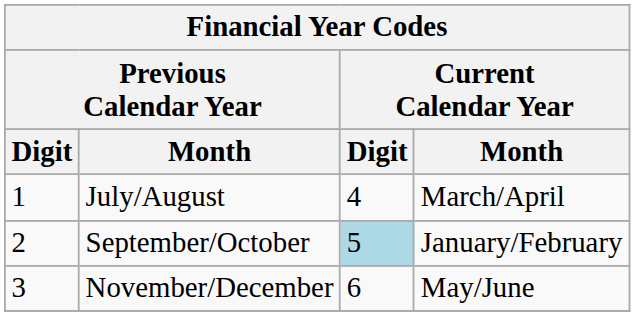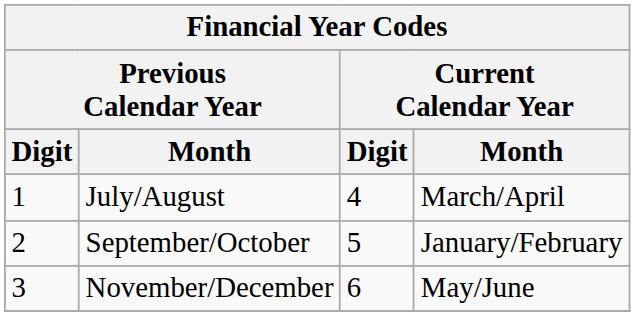 <table class="wikitable">
 <tr>
 <th colspan="4">Financial Year Codes</th>
 </tr>
 <tr>
 <th colspan="2">Previous<br>Calendar Year</th>
 <th colspan="2">Current<br>Calendar Year</th>
 </tr>
 <tr>
 <th>Digit</th>
 <th>Month</th>
 <th>Digit</th>
 <th>Month</th>
 </tr>
 <tr>
 <td>1</td>
 <td>July/August</td>
 <td>4</td>
 <td>March/April</td>
 </tr>
 <tr>
 <td>2</td>
 <td>September/October</td>
-<td style="background: lightblue;">5</td>
+<td>5</td>
 <td>January/February</td>
 </tr>
 <tr>
 <td>3</td>
 <td>November/December</td>
 <td>6</td>
 <td>May/June</td>
 </tr>
 <tr>
 </tr>
 </table>
